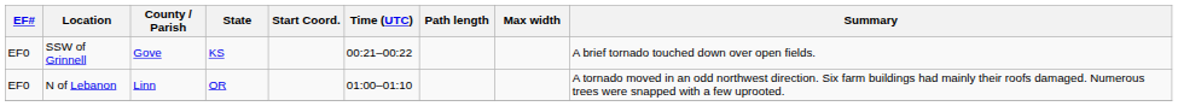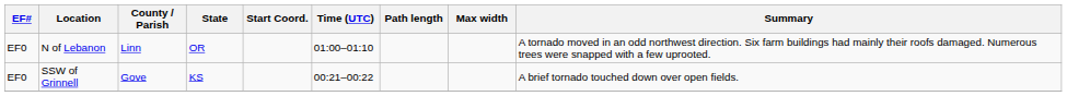 <table class="wikitable sortable" style="width:100%;">
 <tr>
 <th scope="col"  style="width:3%; text-align:center;"><a href='#'>EF#</a></th>
 <th scope="col"  style="width:7%; text-align:center;" class="unsortable">Location</th>
 <th scope="col"  style="width:6%; text-align:center;" class="unsortable">County / Parish</th>
 <th scope="col"  style="width:5%; text-align:center;">State</th>
 <th scope="col"  style="width:6%; text-align:center;">Start Coord.</th>
 <th scope="col"  style="width:6%; text-align:center;">Time (<a href='#'>UTC</a>)</th>
 <th scope="col"  style="width:6%; text-align:center;">Path length</th>
 <th scope="col"  style="width:6%; text-align:center;">Max width</th>
 <th scope="col" class="unsortable" style="width:48%; text-align:center;">Summary</th>
 </tr>
 <tr>
 <td>EF0</td>
+<td>N of <a href='#'>Lebanon</a></td>
+<td><a href='#'>Linn</a></td>
+<td><a href='#'>OR</a></td>
+<td></td>
+<td>01:00–01:10</td>
+<td></td>
+<td></td>
+<td>A tornado moved in an odd northwest direction. Six farm buildings had mainly their roofs damaged. Numerous trees were snapped with a few uprooted.</td>
+</tr>
+<tr>
+<td>EF0</td>
 <td>SSW of <a href='#'>Grinnell</a></td>
 <td><a href='#'>Gove</a></td>
 <td><a href='#'>KS</a></td>
 <td></td>
 <td>00:21–00:22</td>
 <td></td>
 <td></td>
 <td>A brief tornado touched down over open fields.</td>
 </tr>
 <tr>
-<td>EF0</td>
-<td>N of <a href='#'>Lebanon</a></td>
-<td><a href='#'>Linn</a></td>
-<td><a href='#'>OR</a></td>
-<td></td>
-<td>01:00–01:10</td>
-<td></td>
-<td></td>
-<td>A tornado moved in an odd northwest direction. Six farm buildings had mainly their roofs damaged. Numerous trees were snapped with a few uprooted.</td>
-</tr>
-<tr>
 </tr>
 </table>
